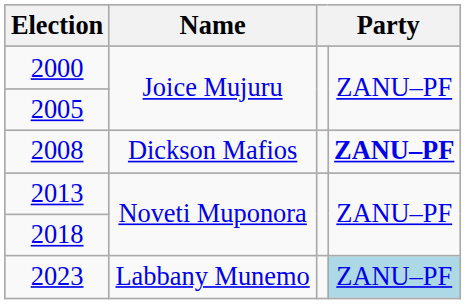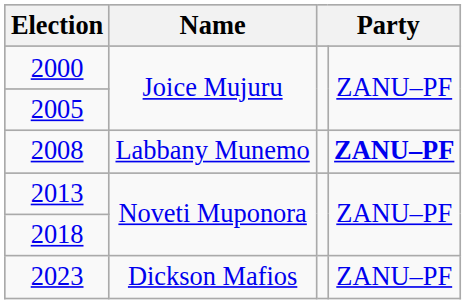 <table class="wikitable" style="text-align:center">
 <tr>
 <th>Election</th>
 <th>Name</th>
 <th colspan="2">Party</th>
 </tr>
 <tr>
 <td><a href='#'>2000</a></td>
 <td rowspan="2"><a href='#'>Joice Mujuru</a></td>
 <td rowspan="2" style="background-color: "></td>
 <td rowspan="2"><a href='#'>ZANU–PF</a></td>
 </tr>
 <tr>
 <td><a href='#'>2005</a></td>
 </tr>
 <tr>
 <td><a href='#'>2008</a></td>
-<td><a href='#'>Dickson Mafios</a></td>
+<td><a href='#'>Labbany Munemo</a></td>
 <td style="background-color: "></td>
 <td><strong><a href='#'>ZANU–PF</a></strong></td>
 </tr>
 <tr>
 <td><a href='#'>2013</a></td>
 <td rowspan="2"><a href='#'>Noveti Muponora</a></td>
 <td rowspan="2" style="background-color: "></td>
 <td rowspan="2"><a href='#'>ZANU–PF</a></td>
 </tr>
 <tr>
 <td><a href='#'>2018</a></td>
 </tr>
 <tr>
 <td><a href='#'>2023</a></td>
-<td><a href='#'>Labbany Munemo</a></td>
+<td><a href='#'>Dickson Mafios</a></td>
 <td style="background-color: "></td>
-<td style="background: lightblue;"><a href='#'>ZANU–PF</a></td>
+<td><a href='#'>ZANU–PF</a></td>
 </tr>
 </table>
